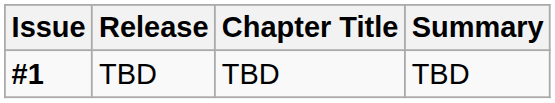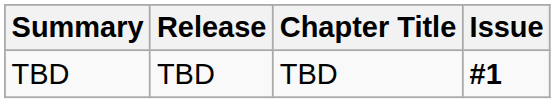 <table class="wikitable">
 <tr>
-<th>Issue</th>
+<th>Summary</th>
 <th>Release</th>
 <th>Chapter Title</th>
-<th>Summary</th>
+<th>Issue</th>
 </tr>
 <tr>
-<td><strong>#1</strong></td>
 <td>TBD</td>
 <td>TBD</td>
 <td>TBD</td>
+<td><strong>#1</strong></td>
 </tr>
 </table>
